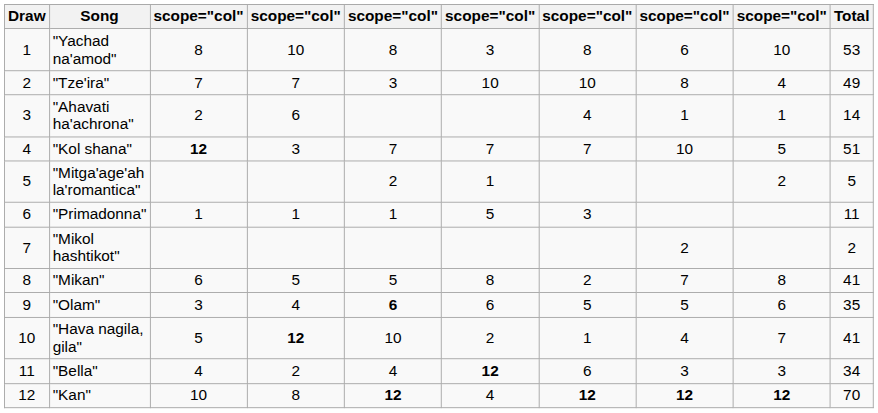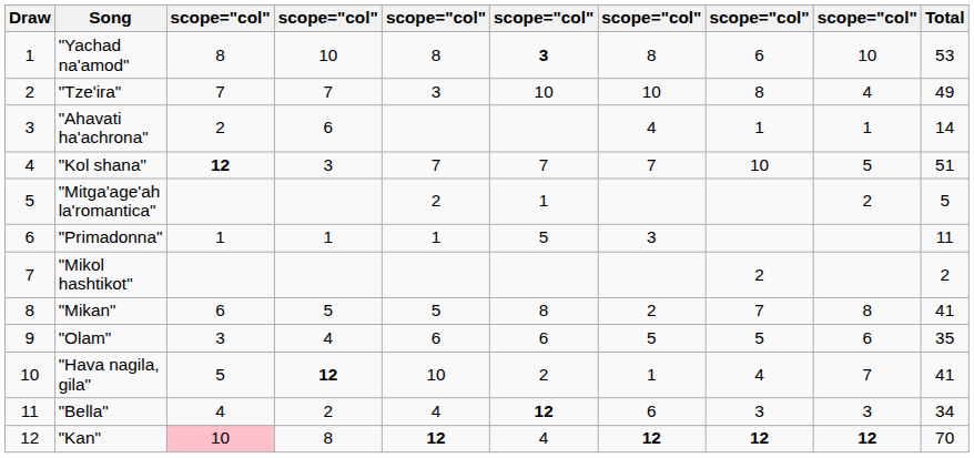 <table class="wikitable plainrowheaders" style="margin: 1em auto 1em auto; text-align:center;">
 <tr>
 </tr>
 <tr>
 <th scope="col">Draw</th>
 <th scope="col">Song</th>
 <th>scope="col" </th>
 <th>scope="col" </th>
 <th>scope="col" </th>
 <th>scope="col" </th>
 <th>scope="col" </th>
 <th>scope="col" </th>
 <th>scope="col" </th>
 <th scope="col">Total</th>
 </tr>
 <tr>
 <td>1</td>
 <td align="left">"Yachad na'amod"</td>
 <td>8</td>
 <td>10</td>
 <td>8</td>
-<td>3</td>
+<td><strong>3</strong></td>
 <td>8</td>
 <td>6</td>
 <td>10</td>
 <td>53</td>
 </tr>
 <tr>
 <td>2</td>
 <td align="left">"Tze'ira"</td>
 <td>7</td>
 <td>7</td>
 <td>3</td>
 <td>10</td>
 <td>10</td>
 <td>8</td>
 <td>4</td>
 <td>49</td>
 </tr>
 <tr>
 <td>3</td>
 <td align="left">"Ahavati ha'achrona"</td>
 <td>2</td>
 <td>6</td>
 <td></td>
 <td></td>
 <td>4</td>
 <td>1</td>
 <td>1</td>
 <td>14</td>
 </tr>
 <tr>
 <td>4</td>
 <td align="left">"Kol shana"</td>
 <td><strong>12</strong></td>
 <td>3</td>
 <td>7</td>
 <td>7</td>
 <td>7</td>
 <td>10</td>
 <td>5</td>
 <td>51</td>
 </tr>
 <tr>
 <td>5</td>
 <td align="left">"Mitga'age'ah la'romantica"</td>
 <td></td>
 <td></td>
 <td>2</td>
 <td>1</td>
 <td></td>
 <td></td>
 <td>2</td>
 <td>5</td>
 </tr>
 <tr>
 <td>6</td>
 <td align="left">"Primadonna"</td>
 <td>1</td>
 <td>1</td>
 <td>1</td>
 <td>5</td>
 <td>3</td>
 <td></td>
 <td></td>
 <td>11</td>
 </tr>
 <tr>
 <td>7</td>
 <td align="left">"Mikol hashtikot"</td>
 <td></td>
 <td></td>
 <td></td>
 <td></td>
 <td></td>
 <td>2</td>
 <td></td>
 <td>2</td>
 </tr>
 <tr>
 <td>8</td>
 <td align="left">"Mikan"</td>
 <td>6</td>
 <td>5</td>
 <td>5</td>
 <td>8</td>
 <td>2</td>
 <td>7</td>
 <td>8</td>
 <td>41</td>
 </tr>
 <tr>
 <td>9</td>
 <td align="left">"Olam"</td>
 <td>3</td>
 <td>4</td>
-<td><strong>6</strong></td>
+<td>6</td>
 <td>6</td>
 <td>5</td>
 <td>5</td>
 <td>6</td>
 <td>35</td>
 </tr>
 <tr>
 <td>10</td>
 <td align="left">"Hava nagila, gila"</td>
 <td>5</td>
 <td><strong>12</strong></td>
 <td>10</td>
 <td>2</td>
 <td>1</td>
 <td>4</td>
 <td>7</td>
 <td>41</td>
 </tr>
 <tr>
 <td>11</td>
 <td align="left">"Bella"</td>
 <td>4</td>
 <td>2</td>
 <td>4</td>
 <td><strong>12</strong></td>
 <td>6</td>
 <td>3</td>
 <td>3</td>
 <td>34</td>
 </tr>
 <tr>
 <td>12</td>
 <td align="left">"Kan"</td>
-<td>10</td>
+<td style="background: pink;">10</td>
 <td>8</td>
 <td><strong>12</strong></td>
 <td>4</td>
 <td><strong>12</strong></td>
 <td><strong>12</strong></td>
 <td><strong>12</strong></td>
 <td>70</td>
 </tr>
 </table>
